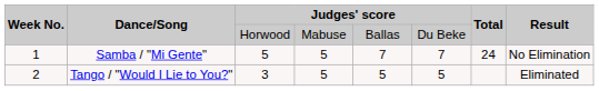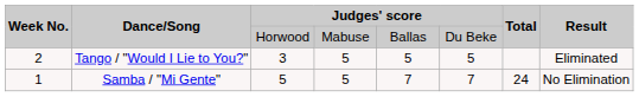 <table class="wikitable collapsible collapsed">
 <tr>
 <th rowspan="2" style="background:#ccc; text-align:Center;"><strong>Week No.</strong></th>
 <th rowspan="2" style="background:#ccc; text-align:Center;"><strong>Dance/Song</strong></th>
 <th colspan="4" style="background:#ccc; text-align:Center;"><strong>Judges' score</strong></th>
 <th rowspan="2" style="background:#ccc; text-align:Center;"><strong>Total</strong></th>
 <th rowspan="2" style="background:#ccc; text-align:Center;"><strong>Result</strong></th>
 </tr>
 <tr style="text-align:center; background:#ccc;">
 <td style="width:10%; ">Horwood</td>
 <td style="width:10%; ">Mabuse</td>
 <td style="width:10%; ">Ballas</td>
 <td style="width:10%; ">Du Beke</td>
 </tr>
+<tr style="text-align:center; background:#faf6f6;">
+<td>2</td>
+<td><a href='#'>Tango</a> / "<a href='#'>Would I Lie to You?</a>"</td>
+<td>3</td>
+<td>5</td>
+<td>5</td>
+<td>5</td>
+<td></td>
+<td>Eliminated</td>
+</tr>
 <tr style="text-align:center; background:#faf6f6">
 <td>1</td>
 <td><a href='#'>Samba</a> / "<a href='#'>Mi Gente</a>"</td>
 <td>5</td>
 <td>5</td>
 <td>7</td>
 <td>7</td>
 <td>24</td>
 <td>No Elimination</td>
 </tr>
-<tr style="text-align:center; background:#faf6f6;">
-<td>2</td>
-<td><a href='#'>Tango</a> / "<a href='#'>Would I Lie to You?</a>"</td>
-<td>3</td>
-<td>5</td>
-<td>5</td>
-<td>5</td>
-<td></td>
-<td>Eliminated</td>
-</tr>
 </table>
